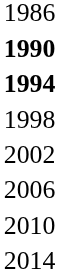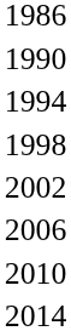 <table>
 <tr>
 <td>1986</td>
 <td></td>
 <td></td>
 <td></td>
 </tr>
 <tr>
-<td><strong>1990</strong></td>
+<td>1990</td>
 <td></td>
 <td></td>
 <td><br></td>
 </tr>
 <tr>
-<td><strong>1994</strong></td>
+<td>1994</td>
 <td></td>
 <td></td>
 <td><br></td>
 </tr>
 <tr>
 <td>1998</td>
 <td></td>
 <td></td>
 <td><br></td>
 </tr>
 <tr>
 <td rowspan=2>2002</td>
 <td rowspan=2></td>
 <td rowspan=2></td>
 <td></td>
 </tr>
 <tr>
 <td></td>
 </tr>
 <tr>
 <td rowspan=2>2006</td>
 <td rowspan=2></td>
 <td rowspan=2></td>
 <td></td>
 </tr>
 <tr>
 <td></td>
 </tr>
 <tr>
 <td rowspan=2>2010<br></td>
 <td rowspan=2></td>
 <td rowspan=2></td>
 <td></td>
 </tr>
 <tr>
 <td></td>
 </tr>
 <tr>
 <td rowspan=2>2014<br></td>
 <td rowspan=2></td>
 <td rowspan=2></td>
 <td></td>
 </tr>
 <tr>
 <td></td>
 </tr>
 </table>
